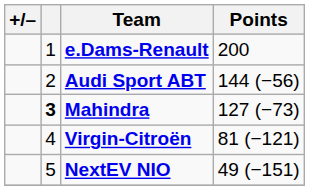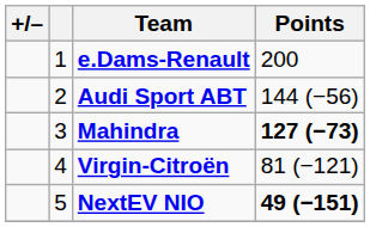 <table class="wikitable" style="font-size: 85%">
 <tr>
 <th scope="col">+/–</th>
 <th scope="col"></th>
 <th scope="col">Team</th>
 <th scope="col">Points</th>
 </tr>
 <tr>
 <td align="left"></td>
 <td align="center">1</td>
 <td> <strong><a href='#'>e.Dams-Renault</a></strong></td>
 <td align="left">200</td>
 </tr>
 <tr>
 <td align="left"></td>
 <td align="center">2</td>
 <td> <strong><a href='#'>Audi Sport ABT</a></strong></td>
 <td align="left">144 (−56)</td>
 </tr>
 <tr>
 <td align="left"></td>
-<td align="center"><strong>3</strong></td>
+<td align="center">3</td>
 <td> <strong><a href='#'>Mahindra</a></strong></td>
-<td align="left">127 (−73)</td>
+<td align="left"><strong>127 (−73)</strong></td>
 </tr>
 <tr>
 <td align="left"></td>
 <td align="center">4</td>
 <td> <strong><a href='#'>Virgin-Citroën</a></strong></td>
 <td align="left">81 (−121)</td>
 </tr>
 <tr>
 <td align="left"></td>
 <td align="center">5</td>
 <td> <strong><a href='#'>NextEV NIO</a></strong></td>
-<td align="left">49 (−151)</td>
+<td align="left"><strong>49 (−151)</strong></td>
 </tr>
 <tr>
 </tr>
 </table>
